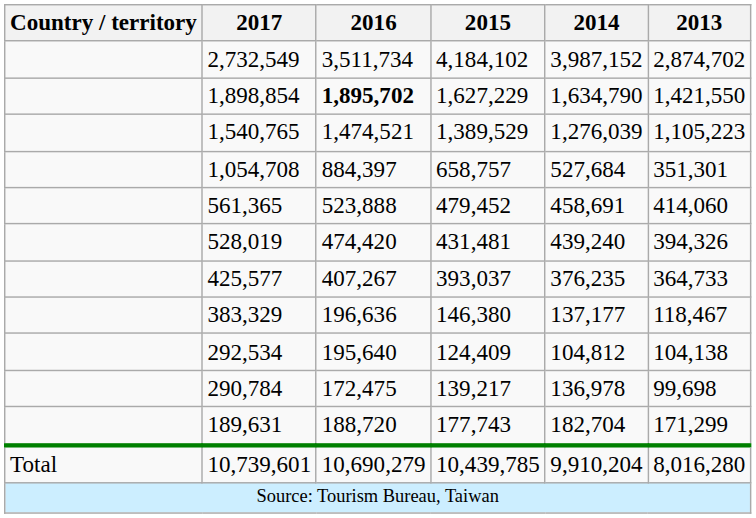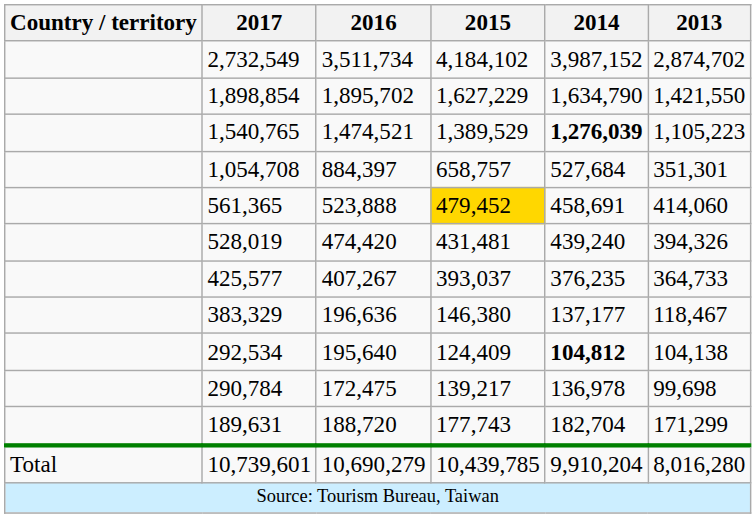 <table class="wikitable sortable collapsible collapsed">
 <tr>
 <th>Country / territory</th>
 <th>2017</th>
 <th>2016</th>
 <th>2015</th>
 <th>2014</th>
 <th>2013</th>
 </tr>
 <tr>
 <td></td>
 <td>2,732,549</td>
 <td>3,511,734</td>
 <td>4,184,102</td>
 <td>3,987,152</td>
 <td>2,874,702</td>
 </tr>
 <tr>
 <td></td>
 <td>1,898,854</td>
-<td><strong>1,895,702</strong></td>
+<td>1,895,702</td>
 <td>1,627,229</td>
 <td>1,634,790</td>
 <td>1,421,550</td>
 </tr>
 <tr>
 <td></td>
 <td>1,540,765</td>
 <td>1,474,521</td>
 <td>1,389,529</td>
-<td>1,276,039</td>
+<td><strong>1,276,039</strong></td>
 <td>1,105,223</td>
 </tr>
 <tr>
 <td></td>
 <td>1,054,708</td>
 <td>884,397</td>
 <td>658,757</td>
 <td>527,684</td>
 <td>351,301</td>
 </tr>
 <tr>
 <td></td>
 <td>561,365</td>
 <td>523,888</td>
-<td>479,452</td>
+<td style="background: gold;">479,452</td>
 <td>458,691</td>
 <td>414,060</td>
 </tr>
 <tr>
 <td></td>
 <td>528,019</td>
 <td>474,420</td>
 <td>431,481</td>
 <td>439,240</td>
 <td>394,326</td>
 </tr>
 <tr>
 <td></td>
 <td>425,577</td>
 <td>407,267</td>
 <td>393,037</td>
 <td>376,235</td>
 <td>364,733</td>
 </tr>
 <tr>
 <td></td>
 <td>383,329</td>
 <td>196,636</td>
 <td>146,380</td>
 <td>137,177</td>
 <td>118,467</td>
 </tr>
 <tr>
 <td></td>
 <td>292,534</td>
 <td>195,640</td>
 <td>124,409</td>
-<td>104,812</td>
+<td><strong>104,812</strong></td>
 <td>104,138</td>
 </tr>
 <tr>
 <td></td>
 <td>290,784</td>
 <td>172,475</td>
 <td>139,217</td>
 <td>136,978</td>
 <td>99,698</td>
 </tr>
 <tr>
 <td></td>
 <td>189,631</td>
 <td>188,720</td>
 <td>177,743</td>
 <td>182,704</td>
 <td>171,299</td>
 </tr>
 <tr style="border-top:3px solid green">
 <td>Total</td>
 <td>10,739,601</td>
 <td>10,690,279</td>
 <td>10,439,785</td>
 <td>9,910,204</td>
 <td>8,016,280</td>
 </tr>
 <tr>
 <td colspan="6" style="font-size:80%; background:#cef; text-align:center;">Source: Tourism Bureau, Taiwan</td>
 </tr>
 </table>
